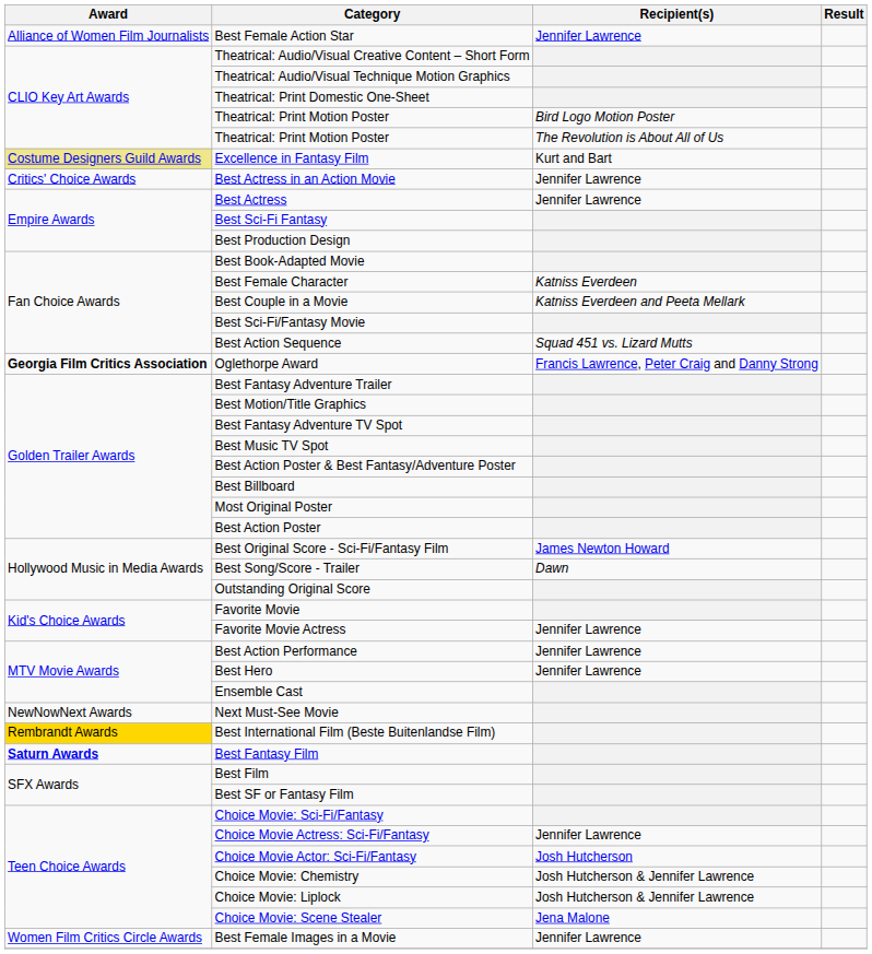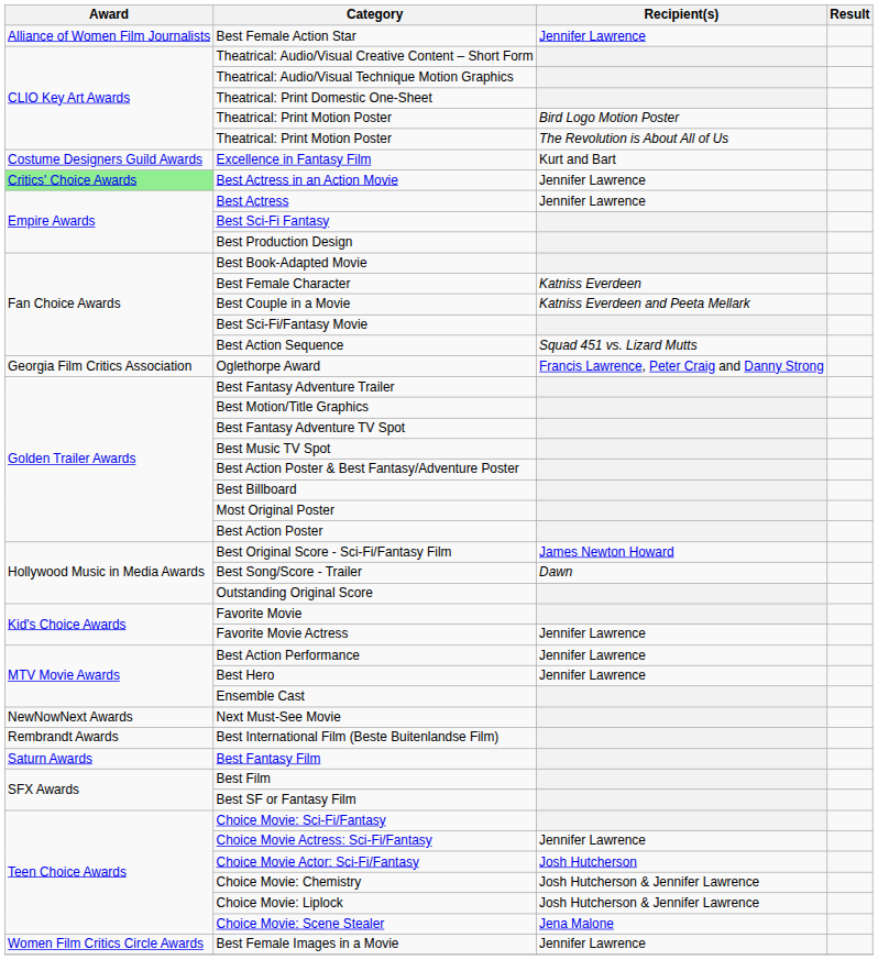 <table class="wikitable plainrowheaders sortable">
 <tr>
 <th scope="col">Award</th>
 <th scope="col">Category</th>
 <th scope="col">Recipient(s)</th>
 <th scope="col">Result</th>
 </tr>
 <tr>
 <td><a href='#'>Alliance of Women Film Journalists</a></td>
 <td>Best Female Action Star</td>
 <td><a href='#'>Jennifer Lawrence</a></td>
 <td></td>
 </tr>
 <tr>
 <td rowspan="5"><a href='#'>CLIO Key Art Awards</a></td>
 <td>Theatrical: Audio/Visual Creative Content – Short Form</td>
 <th></th>
 <td></td>
 </tr>
 <tr>
 <td>Theatrical: Audio/Visual Technique Motion Graphics</td>
 <th></th>
 <td></td>
 </tr>
 <tr>
 <td>Theatrical: Print Domestic One-Sheet</td>
 <th></th>
 <td></td>
 </tr>
 <tr>
 <td>Theatrical: Print Motion Poster</td>
 <td><em>Bird Logo Motion Poster</em></td>
 <td></td>
 </tr>
 <tr>
 <td>Theatrical: Print Motion Poster</td>
 <td><em>The Revolution is About All of Us</em></td>
 <td></td>
 </tr>
 <tr>
-<td style="background: khaki;"><a href='#'>Costume Designers Guild Awards</a></td>
+<td><a href='#'>Costume Designers Guild Awards</a></td>
 <td><a href='#'>Excellence in Fantasy Film</a></td>
 <td>Kurt and Bart</td>
 <td></td>
 </tr>
 <tr>
-<td><a href='#'>Critics' Choice Awards</a></td>
+<td style="background: lightgreen;"><a href='#'>Critics' Choice Awards</a></td>
 <td><a href='#'>Best Actress in an Action Movie</a></td>
 <td>Jennifer Lawrence</td>
 <td></td>
 </tr>
 <tr>
 <td rowspan="3"><a href='#'>Empire Awards</a></td>
 <td><a href='#'>Best Actress</a></td>
 <td>Jennifer Lawrence</td>
 <td></td>
 </tr>
 <tr>
 <td><a href='#'>Best Sci-Fi Fantasy</a></td>
 <th></th>
 <td></td>
 </tr>
 <tr>
 <td>Best Production Design</td>
 <th></th>
 <td></td>
 </tr>
 <tr>
 <td rowspan="5">Fan Choice Awards</td>
 <td>Best Book-Adapted Movie</td>
 <th></th>
 <td></td>
 </tr>
 <tr>
 <td>Best Female Character</td>
 <td><em>Katniss Everdeen</em></td>
 <td></td>
 </tr>
 <tr>
 <td>Best Couple in a Movie</td>
 <td><em>Katniss Everdeen and Peeta Mellark</em></td>
 <td></td>
 </tr>
 <tr>
 <td>Best Sci-Fi/Fantasy Movie</td>
 <th></th>
 <td></td>
 </tr>
 <tr>
 <td>Best Action Sequence</td>
 <td><em>Squad 451 vs. Lizard Mutts</em></td>
 <td></td>
 </tr>
 <tr>
-<td><strong>Georgia Film Critics Association</strong></td>
+<td>Georgia Film Critics Association</td>
 <td>Oglethorpe Award</td>
 <td><a href='#'>Francis Lawrence</a>, <a href='#'>Peter Craig</a> and <a href='#'>Danny Strong</a></td>
 <td></td>
 </tr>
 <tr>
 <td rowspan="8"><a href='#'>Golden Trailer Awards</a></td>
 <td>Best Fantasy Adventure Trailer</td>
 <th></th>
 <td></td>
 </tr>
 <tr>
 <td>Best Motion/Title Graphics</td>
 <th></th>
 <td></td>
 </tr>
 <tr>
 <td>Best Fantasy Adventure TV Spot</td>
 <th></th>
 <td></td>
 </tr>
 <tr>
 <td>Best Music TV Spot</td>
 <th></th>
 <td></td>
 </tr>
 <tr>
 <td>Best Action Poster & Best Fantasy/Adventure Poster</td>
 <th></th>
 <td></td>
 </tr>
 <tr>
 <td>Best Billboard</td>
 <th></th>
 <td></td>
 </tr>
 <tr>
 <td>Most Original Poster</td>
 <th></th>
 <td></td>
 </tr>
 <tr>
 <td>Best Action Poster</td>
 <th></th>
 <td></td>
 </tr>
 <tr>
 <td rowspan="3">Hollywood Music in Media Awards</td>
 <td>Best Original Score - Sci-Fi/Fantasy Film</td>
 <td><a href='#'>James Newton Howard</a></td>
 <td></td>
 </tr>
 <tr>
 <td>Best Song/Score - Trailer</td>
 <td><em>Dawn</em></td>
 <td></td>
 </tr>
 <tr>
 <td>Outstanding Original Score</td>
 <th></th>
 <td></td>
 </tr>
 <tr>
 <td rowspan="2"><a href='#'>Kid's Choice Awards</a></td>
 <td>Favorite Movie</td>
 <th></th>
 <td></td>
 </tr>
 <tr>
 <td>Favorite Movie Actress</td>
 <td>Jennifer Lawrence</td>
 <td></td>
 </tr>
 <tr>
 <td rowspan="3"><a href='#'>MTV Movie Awards</a></td>
 <td>Best Action Performance</td>
 <td>Jennifer Lawrence</td>
 <td></td>
 </tr>
 <tr>
 <td>Best Hero</td>
 <td>Jennifer Lawrence</td>
 <td></td>
 </tr>
 <tr>
 <td>Ensemble Cast</td>
 <th></th>
 <td></td>
 </tr>
 <tr>
 <td>NewNowNext Awards</td>
 <td>Next Must-See Movie</td>
 <th></th>
 <td></td>
 </tr>
 <tr>
-<td style="background: gold;">Rembrandt Awards</td>
+<td>Rembrandt Awards</td>
 <td>Best International Film (Beste Buitenlandse Film)</td>
 <th></th>
 <td></td>
 </tr>
 <tr>
-<td><strong><a href='#'>Saturn Awards</a></strong></td>
+<td><a href='#'>Saturn Awards</a></td>
 <td><a href='#'>Best Fantasy Film</a></td>
 <th></th>
 <td></td>
 </tr>
 <tr>
 <td rowspan="2">SFX Awards</td>
 <td>Best Film</td>
 <th></th>
 <td></td>
 </tr>
 <tr>
 <td>Best SF or Fantasy Film</td>
 <th></th>
 <td></td>
 </tr>
 <tr>
 <td rowspan="6"><a href='#'>Teen Choice Awards</a></td>
 <td><a href='#'>Choice Movie: Sci-Fi/Fantasy</a></td>
 <th></th>
 <td></td>
 </tr>
 <tr>
 <td><a href='#'>Choice Movie Actress: Sci-Fi/Fantasy</a></td>
 <td>Jennifer Lawrence</td>
 <td></td>
 </tr>
 <tr>
 <td><a href='#'>Choice Movie Actor: Sci-Fi/Fantasy</a></td>
 <td><a href='#'>Josh Hutcherson</a></td>
 <td></td>
 </tr>
 <tr>
 <td>Choice Movie: Chemistry</td>
 <td>Josh Hutcherson & Jennifer Lawrence</td>
 <td></td>
 </tr>
 <tr>
 <td>Choice Movie: Liplock</td>
 <td>Josh Hutcherson & Jennifer Lawrence</td>
 <td></td>
 </tr>
 <tr>
 <td><a href='#'>Choice Movie: Scene Stealer</a></td>
 <td><a href='#'>Jena Malone</a></td>
 <td></td>
 </tr>
 <tr>
 <td><a href='#'>Women Film Critics Circle Awards</a></td>
 <td>Best Female Images in a Movie</td>
 <td>Jennifer Lawrence</td>
 <td></td>
 </tr>
 <tr>
 </tr>
 </table>
